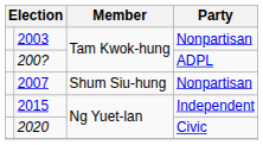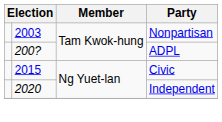 <table class="wikitable">
 <tr>
 <th colspan="2">Election</th>
 <th>Member</th>
 <th>Party</th>
 </tr>
 <tr>
 <td style="background-color: "></td>
 <td><a href='#'>2003</a></td>
 <td rowspan=2>Tam Kwok-hung</td>
 <td><a href='#'>Nonpartisan</a></td>
 </tr>
 <tr>
 <td style="background-color: "></td>
 <td><em>200?</em></td>
 <td><a href='#'>ADPL</a></td>
 </tr>
 <tr>
 <td style="background-color: "></td>
-<td><a href='#'>2007</a></td>
-<td>Shum Siu-hung</td>
-<td><a href='#'>Nonpartisan</a></td>
-</tr>
-<tr>
-<td style="background-color: "></td>
 <td><a href='#'>2015</a></td>
 <td rowspan=2>Ng Yuet-lan</td>
-<td><a href='#'>Independent</a></td>
+<td><a href='#'>Civic</a></td>
 </tr>
 <tr>
 <td style="background-color: "></td>
 <td><em>2020</em></td>
-<td><a href='#'>Civic</a></td>
+<td><a href='#'>Independent</a></td>
 </tr>
 <tr>
 </tr>
 </table>
